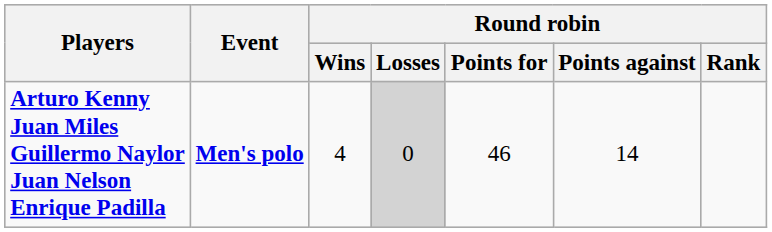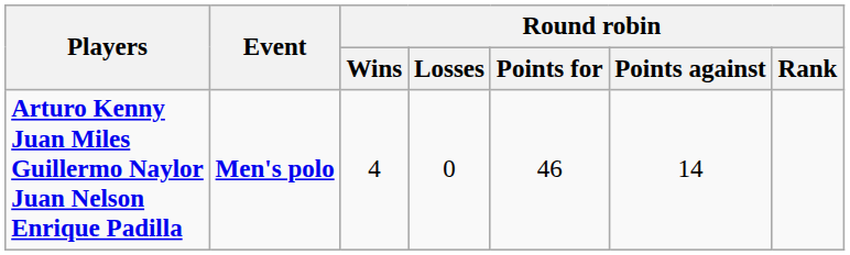 <table class=wikitable style="font-size:90%">
 <tr>
 <th rowspan=2>Players</th>
 <th rowspan=2>Event</th>
 <th colspan=5>Round robin</th>
 </tr>
 <tr>
 <th>Wins</th>
 <th>Losses</th>
 <th>Points for</th>
 <th>Points against</th>
 <th>Rank</th>
 </tr>
 <tr>
 <td><strong><a href='#'>Arturo Kenny</a> <br> <a href='#'>Juan Miles</a> <br> <a href='#'>Guillermo Naylor</a> <br> <a href='#'>Juan Nelson</a> <br> <a href='#'>Enrique Padilla</a></strong></td>
 <td><strong><a href='#'>Men's polo</a></strong></td>
 <td align=center>4</td>
-<td align=center style="background: lightgrey;">0</td>
+<td align=center>0</td>
 <td align=center>46</td>
 <td align=center>14</td>
 <td align=center></td>
 </tr>
 </table>
